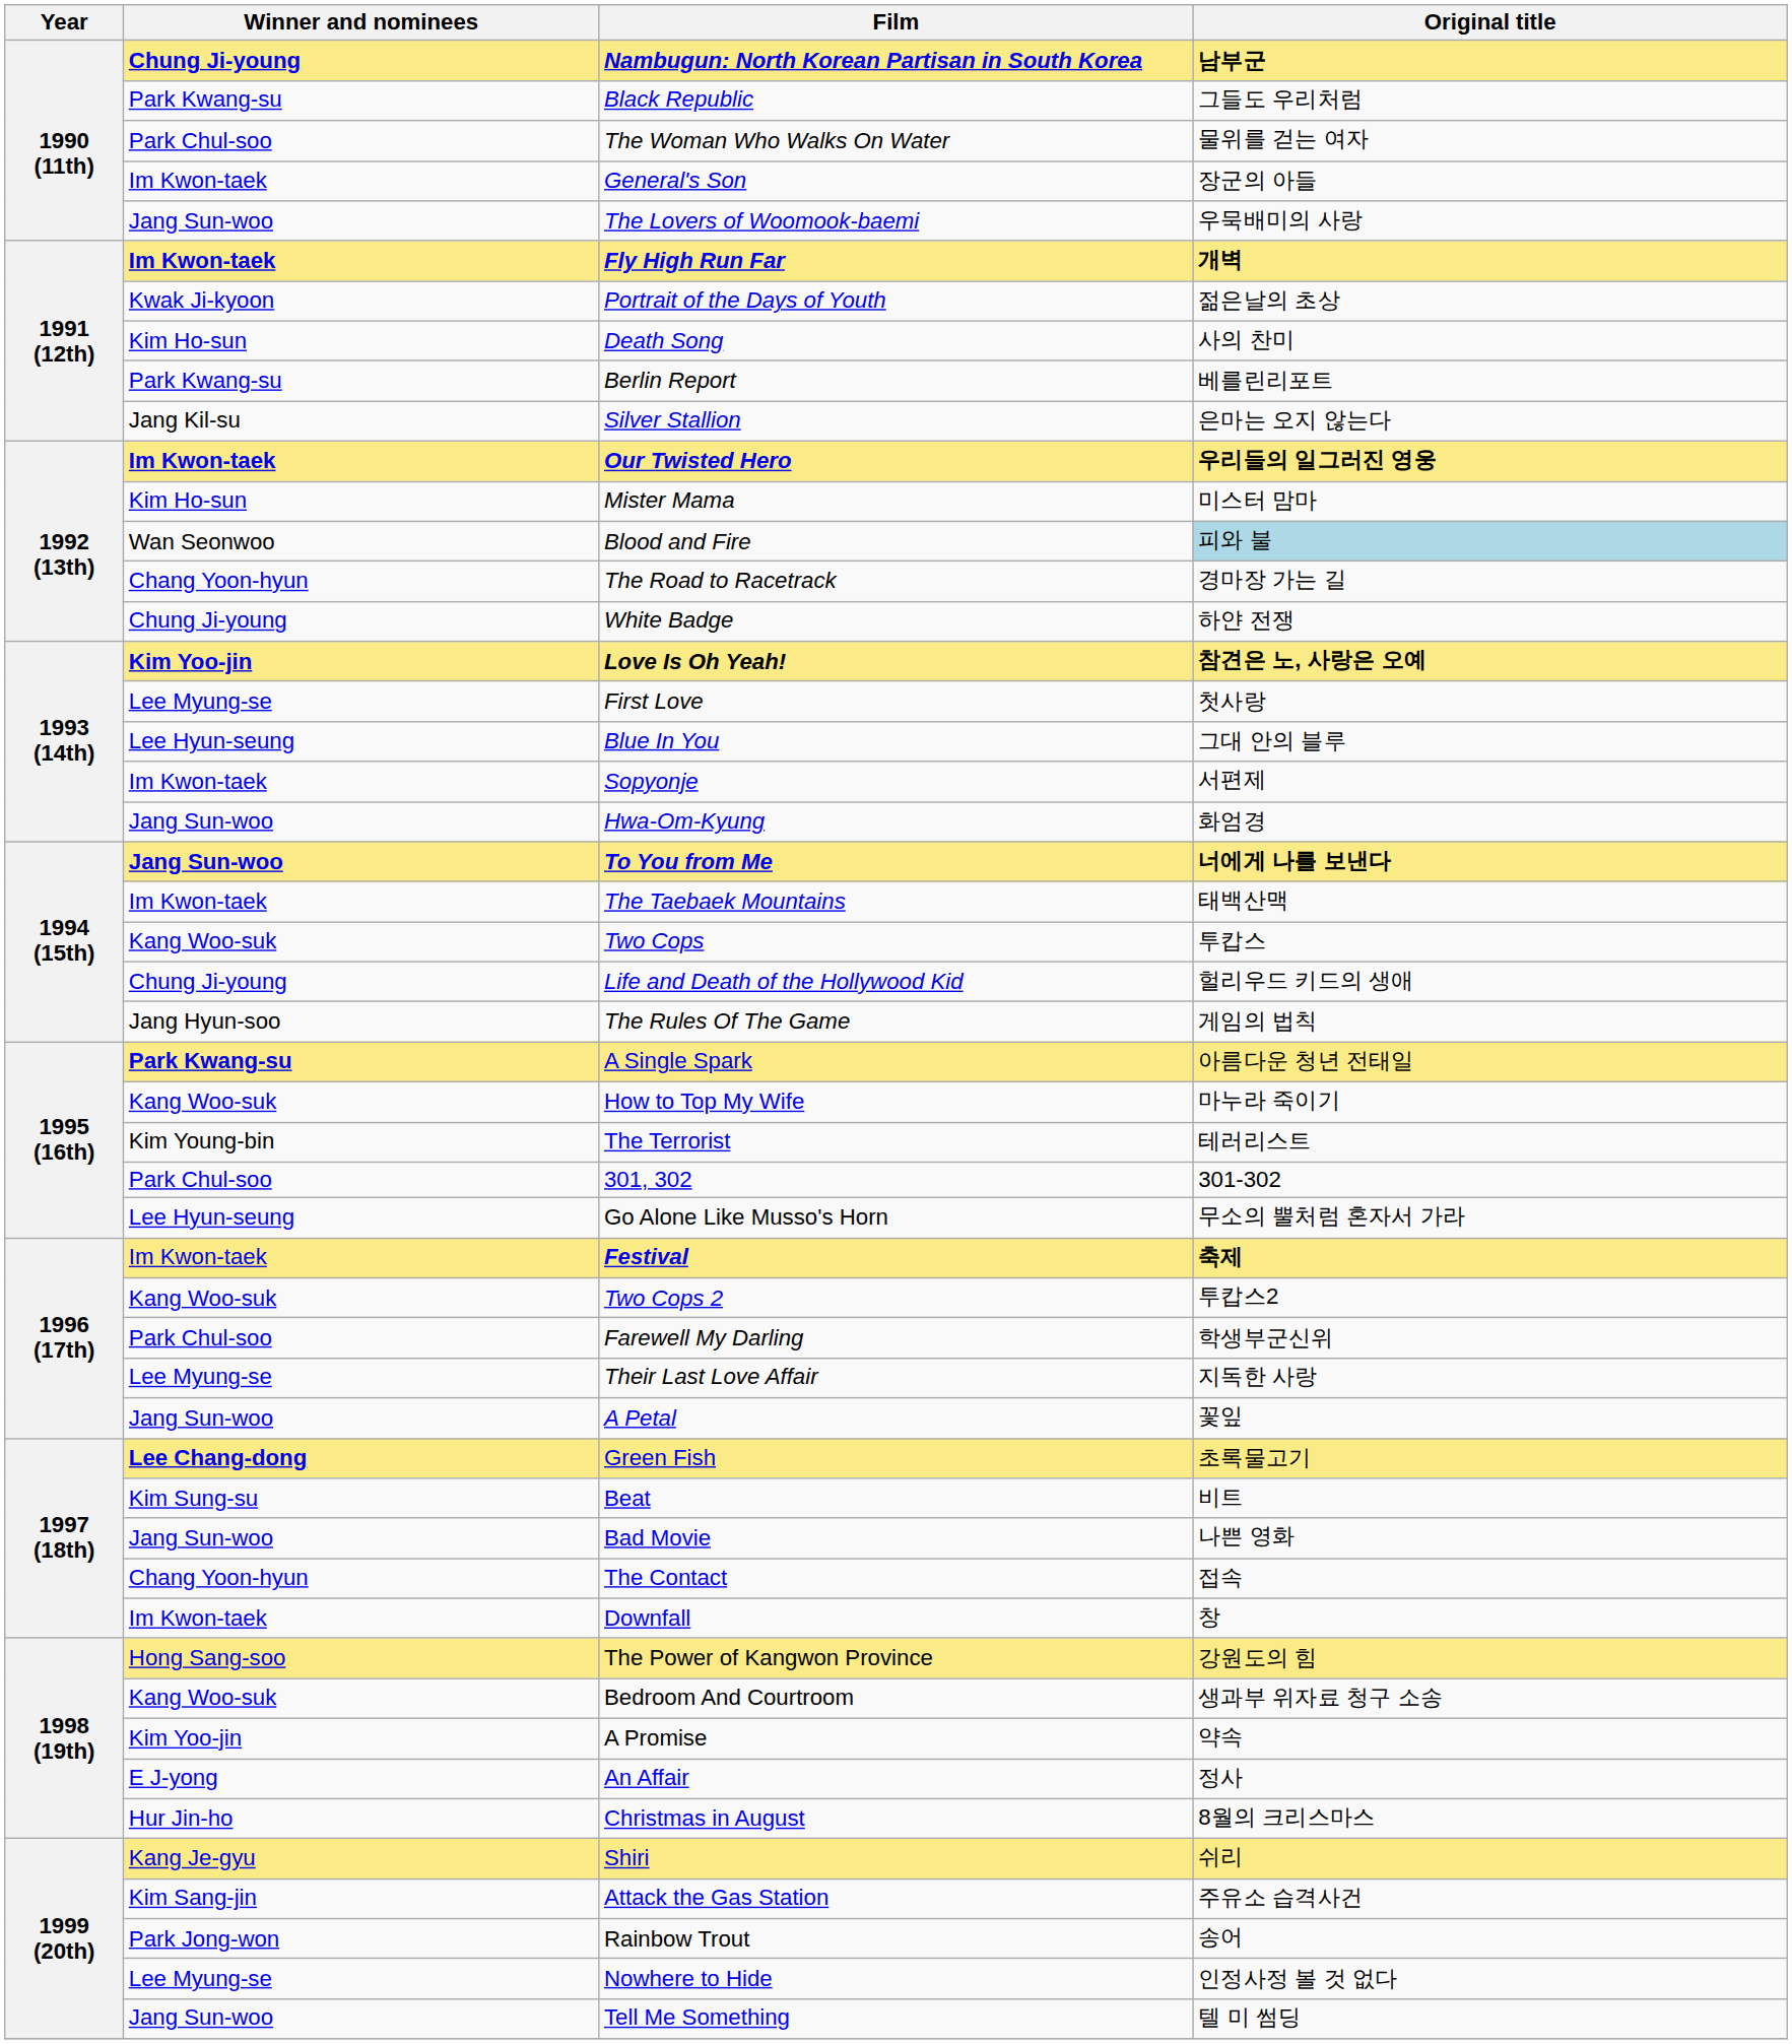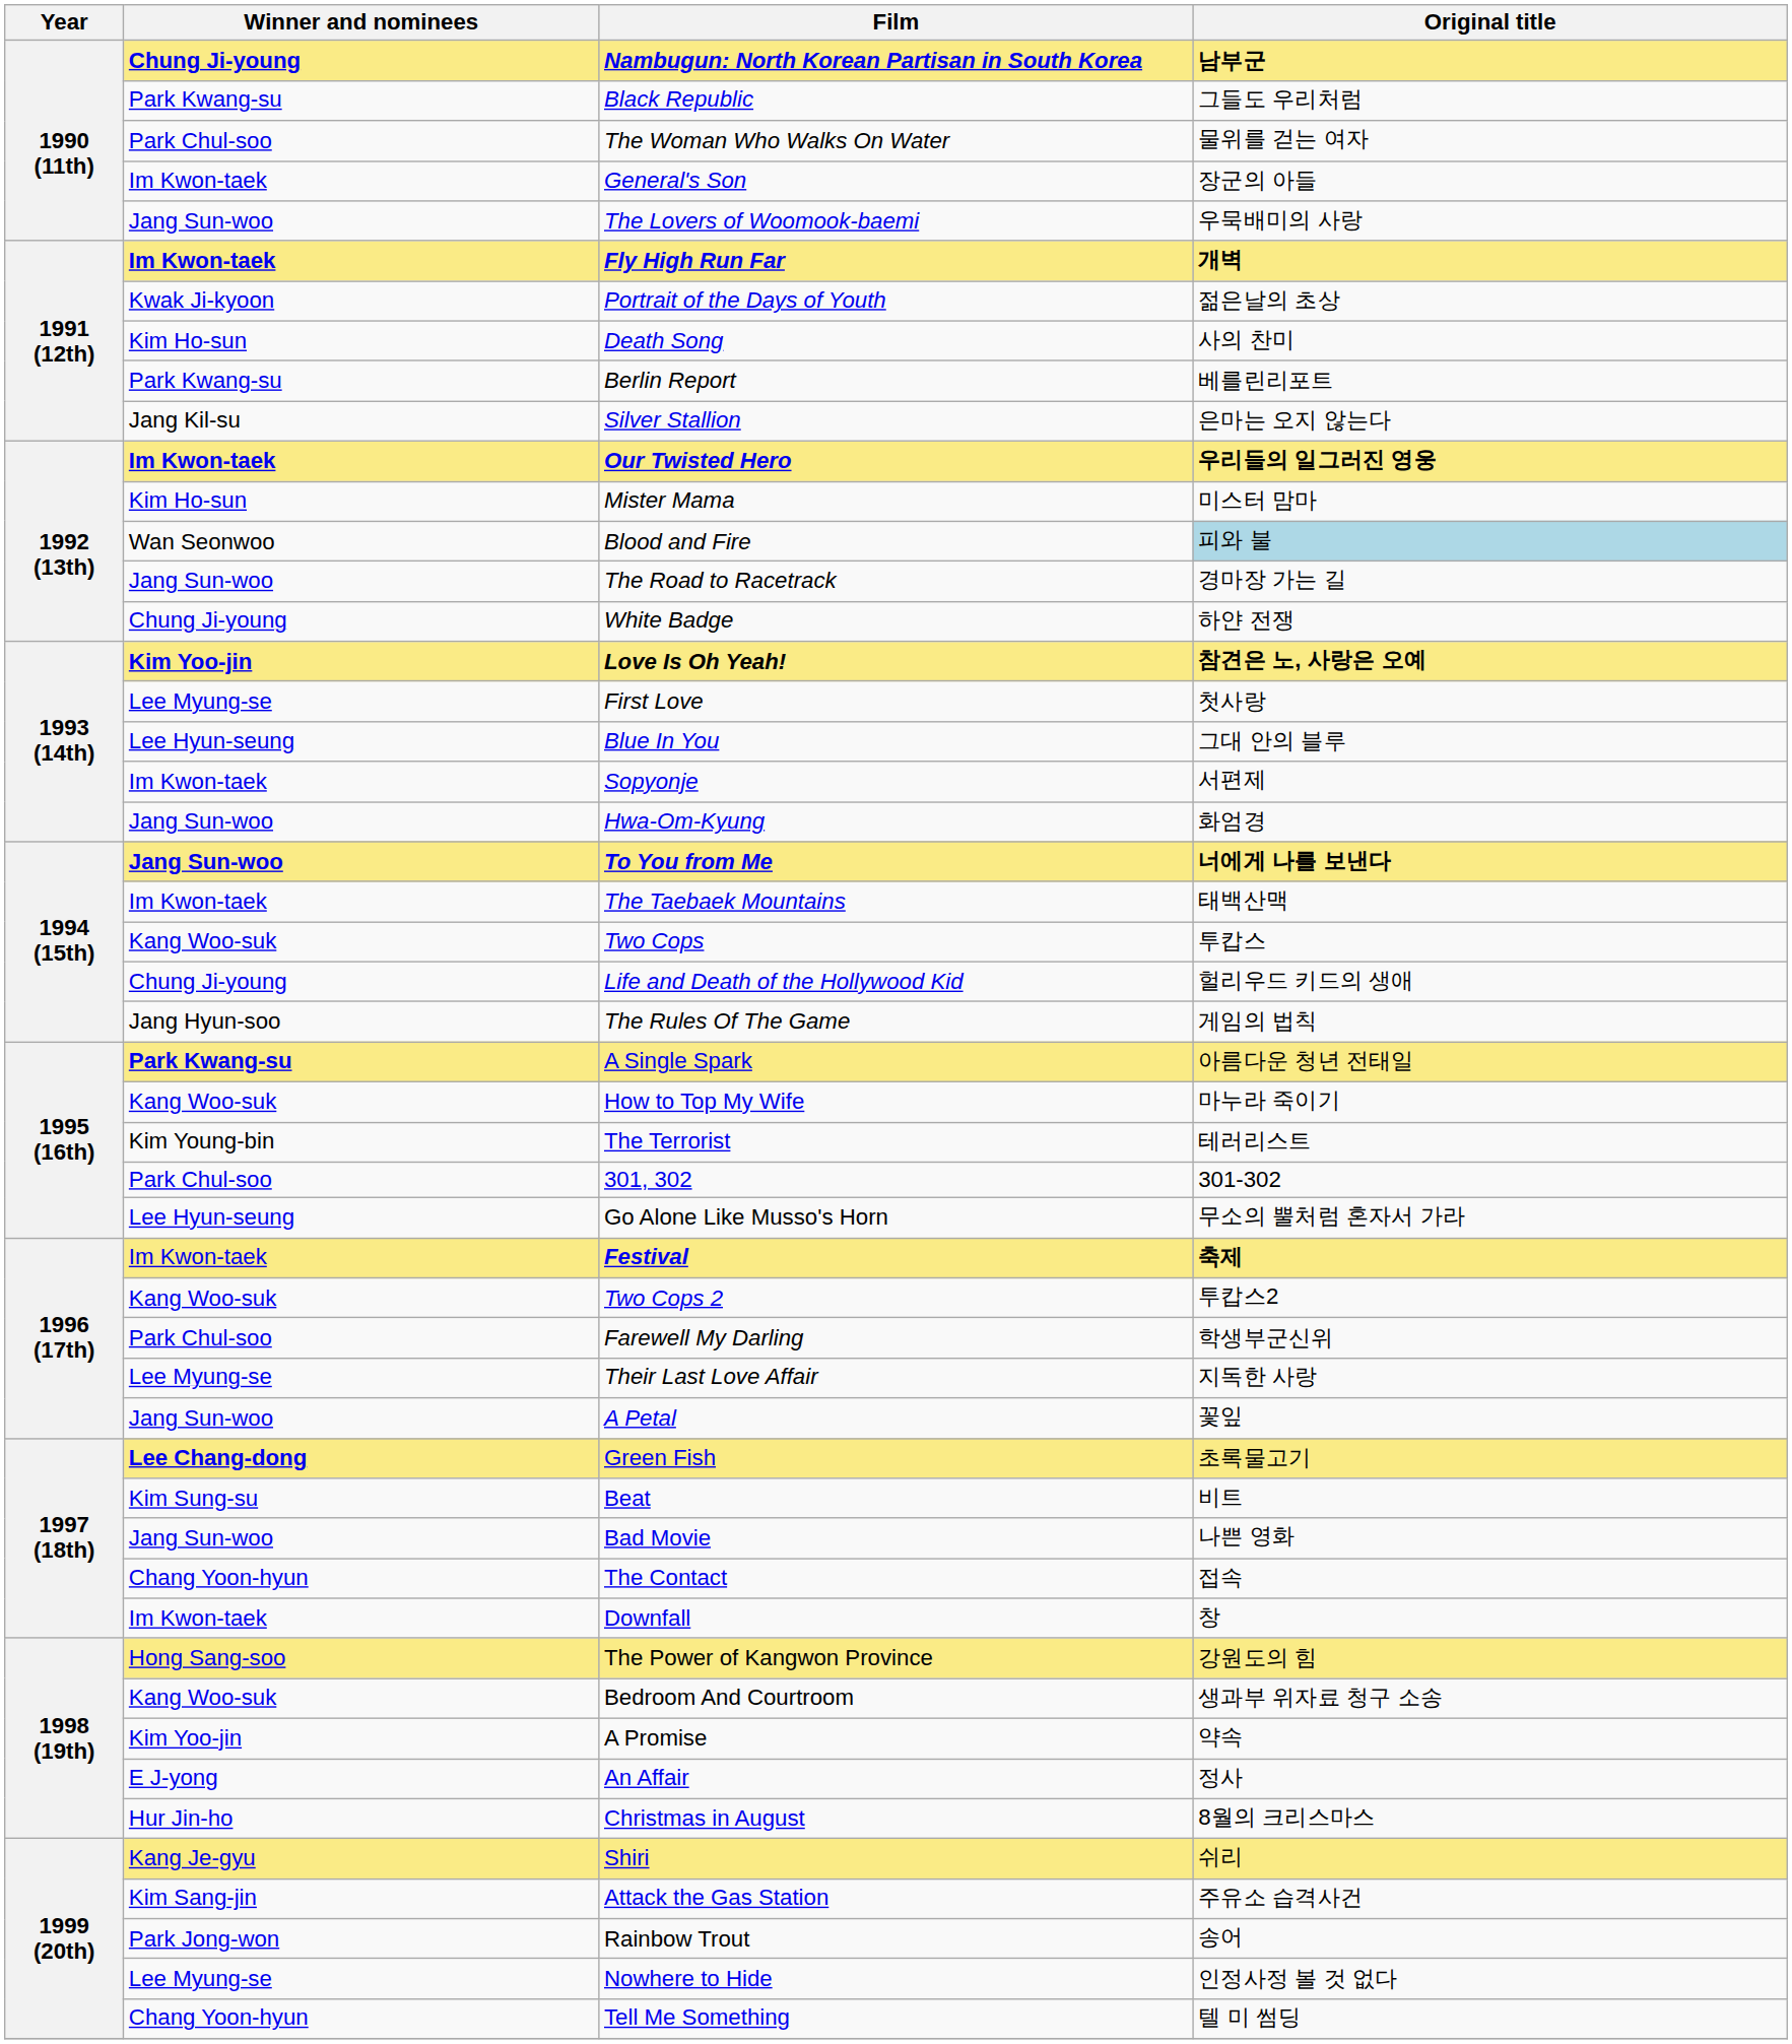 <table class="wikitable" style="width:100%;" cellpadding="6">
 <tr>
 <th style="width:5%;">Year</th>
 <th style="width:20%;">Winner and nominees</th>
 <th style="width:25%;">Film</th>
 <th style="width:25%;">Original title</th>
 </tr>
 <tr>
 <th rowspan="5"><div><br>1990<br>(11th) </div></th>
 <td style="background:#FAEB86;"><strong><a href='#'>Chung Ji-young</a></strong> <em></em></td>
 <td style="background:#FAEB86;"><a href='#'><strong><em>Nambugun: North Korean Partisan in South Korea</em></strong></a></td>
 <td style="background:#FAEB86;"><strong>남부군</strong></td>
 </tr>
 <tr>
 <td><a href='#'>Park Kwang-su</a></td>
 <td><em><a href='#'>Black Republic</a></em></td>
 <td>그들도 우리처럼</td>
 </tr>
 <tr>
 <td><a href='#'>Park Chul-soo</a></td>
 <td><em>The Woman Who Walks On Water</em></td>
 <td>물위를 걷는 여자</td>
 </tr>
 <tr>
 <td><a href='#'>Im Kwon-taek</a></td>
 <td><em><a href='#'>General's Son</a></em></td>
 <td>장군의 아들</td>
 </tr>
 <tr>
 <td><a href='#'>Jang Sun-woo</a></td>
 <td><em><a href='#'>The Lovers of Woomook-baemi</a></em></td>
 <td>우묵배미의 사랑</td>
 </tr>
 <tr>
 <th rowspan="5">1991<br>(12th)</th>
 <td style="background:#FAEB86;"><strong><a href='#'>Im Kwon-taek</a></strong> <em></em></td>
 <td style="background:#FAEB86;"><strong><em><a href='#'>Fly High Run Far</a></em></strong></td>
 <td style="background:#FAEB86;"><strong>개벽</strong></td>
 </tr>
 <tr>
 <td><a href='#'>Kwak Ji-kyoon</a></td>
 <td><em><a href='#'>Portrait of the Days of Youth</a></em></td>
 <td>젊은날의 초상</td>
 </tr>
 <tr>
 <td><a href='#'>Kim Ho-sun</a></td>
 <td><em><a href='#'>Death Song</a></em></td>
 <td>사의 찬미</td>
 </tr>
 <tr>
 <td><a href='#'>Park Kwang-su</a></td>
 <td><em>Berlin Report</em></td>
 <td>베를린리포트</td>
 </tr>
 <tr>
 <td>Jang Kil-su</td>
 <td><em><a href='#'>Silver Stallion</a></em></td>
 <td>은마는 오지 않는다</td>
 </tr>
 <tr>
 <th rowspan="5"><div><br>1992<br>(13th) </div></th>
 <td style="background:#FAEB86;"><strong><a href='#'>Im Kwon-taek</a></strong> <em></em></td>
 <td style="background:#FAEB86;"><em><a href='#'><strong>Our Twisted Hero</strong></a></em></td>
 <td style="background:#FAEB86;"><strong>우리들의 일그러진 영웅</strong></td>
 </tr>
 <tr>
 <td><a href='#'>Kim Ho-sun</a></td>
 <td><em>Mister Mama</em></td>
 <td>미스터 맘마</td>
 </tr>
 <tr>
 <td>Wan Seonwoo</td>
 <td><em>Blood and Fire</em></td>
 <td style="background: lightblue;">피와 불</td>
 </tr>
 <tr>
-<td><a href='#'>Chang Yoon-hyun</a></td>
+<td><a href='#'>Jang Sun-woo</a></td>
 <td><em>The Road to Racetrack</em></td>
 <td>경마장 가는 길</td>
 </tr>
 <tr>
 <td><a href='#'>Chung Ji-young</a></td>
 <td><em>White Badge</em></td>
 <td>하얀 전쟁</td>
 </tr>
 <tr>
 <th rowspan="5">1993<br>(14th)</th>
 <td style="background:#FAEB86;"><a href='#'><strong>Kim Yoo-jin</strong></a> <em></em></td>
 <td style="background:#FAEB86;"><strong><em>Love Is Oh Yeah!</em></strong></td>
 <td style="background:#FAEB86;"><strong>참견은 노, 사랑은 오예</strong></td>
 </tr>
 <tr>
 <td><a href='#'>Lee Myung-se</a></td>
 <td><em>First Love</em></td>
 <td>첫사랑</td>
 </tr>
 <tr>
 <td><a href='#'>Lee Hyun-seung</a></td>
 <td><em><a href='#'>Blue In You</a></em></td>
 <td>그대 안의 블루</td>
 </tr>
 <tr>
 <td><a href='#'>Im Kwon-taek</a></td>
 <td><em><a href='#'>Sopyonje</a> </em></td>
 <td>서편제</td>
 </tr>
 <tr>
 <td><a href='#'>Jang Sun-woo</a></td>
 <td><em><a href='#'>Hwa-Om-Kyung</a></em></td>
 <td>화엄경</td>
 </tr>
 <tr>
 <th rowspan="5"><div>1994<br>(15th) </div></th>
 <td style="background:#FAEB86;"><strong><a href='#'>Jang Sun-woo</a></strong> <strong><em></em></strong></td>
 <td style="background:#FAEB86;"><strong><em><a href='#'>To You from Me</a></em></strong></td>
 <td style="background:#FAEB86;"><strong>너에게 나를 보낸다</strong></td>
 </tr>
 <tr>
 <td><a href='#'>Im Kwon-taek</a></td>
 <td><em><a href='#'>The Taebaek Mountains</a> </em></td>
 <td>태백산맥</td>
 </tr>
 <tr>
 <td><a href='#'>Kang Woo-suk</a></td>
 <td><em><a href='#'>Two Cops</a></em></td>
 <td>투캅스</td>
 </tr>
 <tr>
 <td><a href='#'>Chung Ji-young</a></td>
 <td><em><a href='#'>Life and Death of the Hollywood Kid</a></em></td>
 <td>헐리우드 키드의 생애</td>
 </tr>
 <tr>
 <td>Jang Hyun-soo</td>
 <td><em>The Rules Of The Game</em></td>
 <td>게임의 법칙</td>
 </tr>
 <tr>
 <th rowspan="5"><div>1995<br>(16th) </div></th>
 <td style="background:#FAEB86;"><strong><a href='#'>Park Kwang-su</a> <em><strong><em></td>
 <td style="background:#FAEB86;"></em></strong><a href='#'>A Single Spark</a><strong><em></td>
 <td style="background:#FAEB86;"></strong>아름다운 청년 전태일<strong></td>
 </tr>
 <tr>
 <td><a href='#'>Kang Woo-suk</a></td>
 <td></em><a href='#'>How to Top My Wife</a><em></td>
 <td>마누라 죽이기</td>
 </tr>
 <tr>
 <td>Kim Young-bin</td>
 <td><a href='#'></em>The Terrorist<em></a></td>
 <td>테러리스트</td>
 </tr>
 <tr>
 <td><a href='#'>Park Chul-soo</a></td>
 <td></em><a href='#'>301, 302</a><em></td>
 <td>301-302</td>
 </tr>
 <tr>
 <td><a href='#'>Lee Hyun-seung</a></td>
 <td></em>Go Alone Like Musso's Horn<em></td>
 <td>무소의 뿔처럼 혼자서 가라</td>
 </tr>
 <tr>
 <th rowspan="5"><div>1996<br>(17th) </div></th>
 <td style="background:#FAEB86;"></strong><a href='#'>Im Kwon-taek</a> </em></em></strong></td>
 <td style="background:#FAEB86;"><em><a href='#'><strong>Festival</strong></a></em></td>
 <td style="background:#FAEB86;"><strong>축제</strong></td>
 </tr>
 <tr>
 <td><a href='#'>Kang Woo-suk</a></td>
 <td><em><a href='#'>Two Cops 2</a></em></td>
 <td>투캅스2</td>
 </tr>
 <tr>
 <td><a href='#'>Park Chul-soo</a></td>
 <td><em>Farewell My Darling</em></td>
 <td>학생부군신위</td>
 </tr>
 <tr>
 <td><a href='#'>Lee Myung-se</a></td>
 <td><em>Their Last Love Affair</em></td>
 <td>지독한 사랑</td>
 </tr>
 <tr>
 <td><a href='#'>Jang Sun-woo</a></td>
 <td><em><a href='#'>A Petal</a></em></td>
 <td>꽃잎</td>
 </tr>
 <tr>
 <th rowspan="5"><div>1997<br>(18th) </div></th>
 <td style="background:#FAEB86;"><strong><a href='#'>Lee Chang-dong</a> <em><strong><em></td>
 <td style="background:#FAEB86;"></em></strong><a href='#'>Green Fish</a><strong><em></td>
 <td style="background:#FAEB86;"></strong>초록물고기<strong></td>
 </tr>
 <tr>
 <td><a href='#'>Kim Sung-su</a></td>
 <td></em><a href='#'>Beat</a><em></td>
 <td>비트</td>
 </tr>
 <tr>
 <td><a href='#'>Jang Sun-woo</a></td>
 <td></em><a href='#'>Bad Movie</a><em></td>
 <td>나쁜 영화</td>
 </tr>
 <tr>
 <td><a href='#'>Chang Yoon-hyun</a></td>
 <td><a href='#'></em>The Contact<em></a></td>
 <td>접속</td>
 </tr>
 <tr>
 <td><a href='#'>Im Kwon-taek</a></td>
 <td><a href='#'></em>Downfall<em></a></td>
 <td>창</td>
 </tr>
 <tr>
 <th rowspan="5"><div>1998<br>(19th) </div></th>
 <td style="background:#FAEB86;"></strong><a href='#'>Hong Sang-soo</a><strong> </em></strong><strong><em></td>
 <td style="background:#FAEB86;"></em></strong>The Power of Kangwon Province<strong><em></td>
 <td style="background:#FAEB86;"></strong>강원도의 힘<strong></td>
 </tr>
 <tr>
 <td><a href='#'>Kang Woo-suk</a></td>
 <td></em>Bedroom And Courtroom<em></td>
 <td>생과부 위자료 청구 소송</td>
 </tr>
 <tr>
 <td><a href='#'>Kim Yoo-jin</a></td>
 <td></em>A Promise<em></td>
 <td>약속</td>
 </tr>
 <tr>
 <td><a href='#'>E J-yong</a></td>
 <td></em><a href='#'>An Affair</a><em></td>
 <td>정사</td>
 </tr>
 <tr>
 <td><a href='#'>Hur Jin-ho</a></td>
 <td></em><a href='#'>Christmas in August</a> <em></td>
 <td>8월의 크리스마스</td>
 </tr>
 <tr>
 <th rowspan="5"><div>1999<br>(20th) </div></th>
 <td style="background:#FAEB86;"></strong><a href='#'>Kang Je-gyu</a><strong> </em></strong><strong><em></td>
 <td style="background:#FAEB86;"><a href='#'></em></strong>Shiri<strong><em></a></td>
 <td style="background:#FAEB86;"></strong>쉬리<strong></td>
 </tr>
 <tr>
 <td><a href='#'>Kim Sang-jin</a></td>
 <td></em><a href='#'>Attack the Gas Station</a><em></td>
 <td>주유소 습격사건</td>
 </tr>
 <tr>
 <td><a href='#'>Park Jong-won</a></td>
 <td></em>Rainbow Trout<em></td>
 <td>송어</td>
 </tr>
 <tr>
 <td><a href='#'>Lee Myung-se</a></td>
 <td></em><a href='#'>Nowhere to Hide</a><em></td>
 <td>인정사정 볼 것 없다</td>
 </tr>
 <tr>
-<td><a href='#'>Jang Sun-woo</a></td>
+<td><a href='#'>Chang Yoon-hyun</a></td>
 <td></em><a href='#'>Tell Me Something</a><em></td>
 <td>텔 미 썸딩</td>
 </tr>
 <tr>
 </tr>
 </table>
